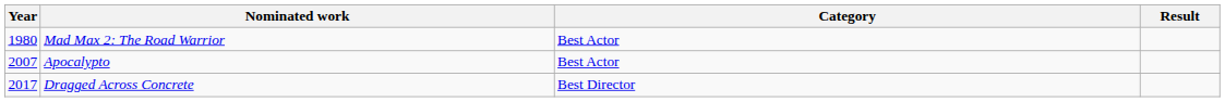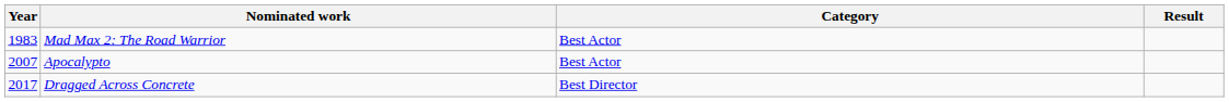 <table class="wikitable">
 <tr>
 <th scope="col" style="width:1em;">Year</th>
 <th scope="col" style="width:35em;">Nominated work</th>
 <th scope="col" style="width:40em;">Category</th>
 <th scope="col" style="width:5em;">Result</th>
 </tr>
 <tr>
-<td><a href='#'>1980</a></td>
+<td><a href='#'>1983</a></td>
 <td><em><a href='#'>Mad Max 2: The Road Warrior</a></em></td>
 <td><a href='#'>Best Actor</a></td>
 <td></td>
 </tr>
 <tr>
 <td><a href='#'>2007</a></td>
 <td><em><a href='#'>Apocalypto</a></em></td>
 <td><a href='#'>Best Actor</a></td>
 <td></td>
 </tr>
 <tr>
 <td><a href='#'>2017</a></td>
 <td><em><a href='#'>Dragged Across Concrete</a></em></td>
 <td><a href='#'>Best Director</a></td>
 <td></td>
 </tr>
 </table>
